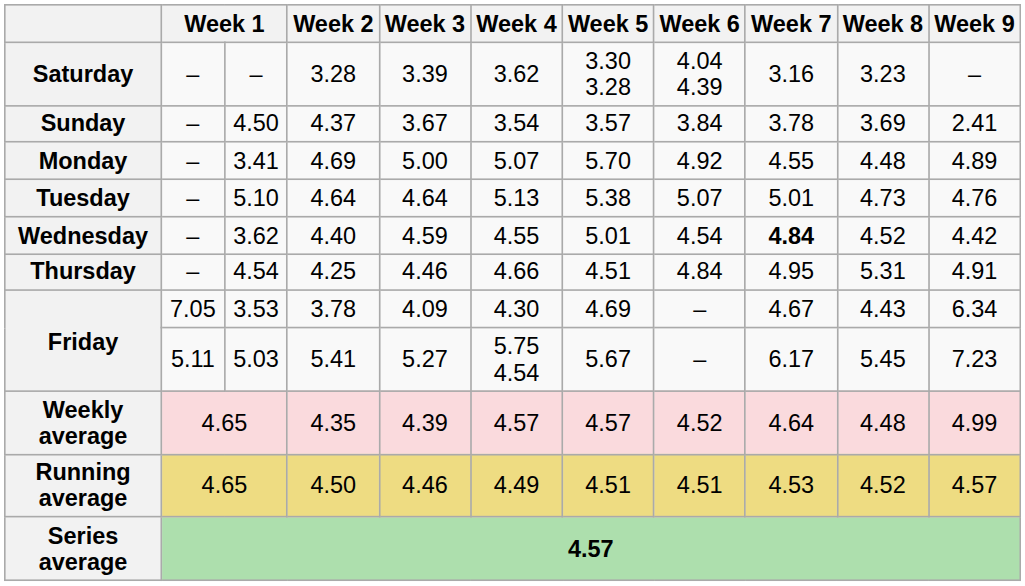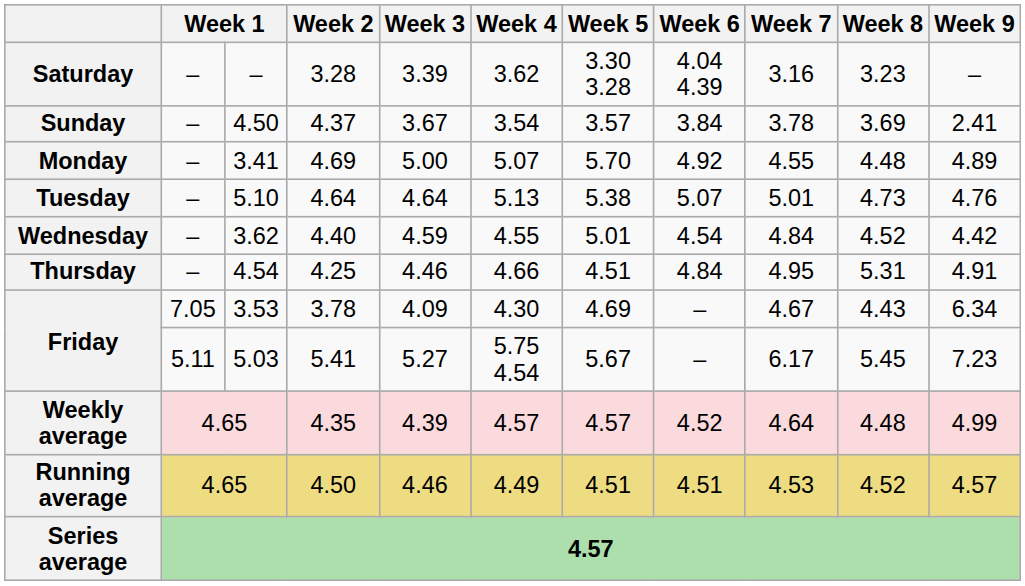 <table class="wikitable" style="font-size:90%; text-align:center; width: 100%; margin-left: auto; margin-right: auto;">
 <tr>
 <th scope="col" style="width:12%;"></th>
 <th scope="colgroup" colspan=2 style="width:10%;">Week 1</th>
 <th scope="col" style="width:8%;">Week 2</th>
 <th scope="col" style="width:8%;">Week 3</th>
 <th scope="col" style="width:8%;">Week 4</th>
 <th scope="col" style="width:8%;">Week 5</th>
 <th scope="col" style="width:8%;">Week 6</th>
 <th scope="col" style="width:8%;">Week 7</th>
 <th scope="col" style="width:8%;">Week 8</th>
 <th scope="col" style="width:8%;">Week 9</th>
 </tr>
 <tr>
 <th scope="row">Saturday</th>
 <td style="width:5%;">–</td>
 <td style="width:5%;">–</td>
 <td>3.28</td>
 <td>3.39</td>
 <td>3.62</td>
 <td>3.30<br>3.28</td>
 <td>4.04<br>4.39</td>
 <td>3.16</td>
 <td>3.23</td>
 <td>–</td>
 </tr>
 <tr>
 <th scope="row">Sunday</th>
 <td>–</td>
 <td>4.50</td>
 <td>4.37</td>
 <td>3.67</td>
 <td>3.54</td>
 <td>3.57</td>
 <td>3.84</td>
 <td>3.78</td>
 <td>3.69</td>
 <td>2.41</td>
 </tr>
 <tr>
 <th scope="row">Monday</th>
 <td>–</td>
 <td>3.41</td>
 <td>4.69</td>
 <td>5.00</td>
 <td>5.07</td>
 <td>5.70</td>
 <td>4.92</td>
 <td>4.55</td>
 <td>4.48</td>
 <td>4.89</td>
 </tr>
 <tr>
 <th scope="row">Tuesday</th>
 <td>–</td>
 <td>5.10</td>
 <td>4.64</td>
 <td>4.64</td>
 <td>5.13</td>
 <td>5.38</td>
 <td>5.07</td>
 <td>5.01</td>
 <td>4.73</td>
 <td>4.76</td>
 </tr>
 <tr>
 <th scope="row">Wednesday</th>
 <td>–</td>
 <td>3.62</td>
 <td>4.40</td>
 <td>4.59</td>
 <td>4.55</td>
 <td>5.01</td>
 <td>4.54</td>
-<td><strong>4.84</strong></td>
+<td>4.84</td>
 <td>4.52</td>
 <td>4.42</td>
 </tr>
 <tr>
 <th scope="row">Thursday</th>
 <td>–</td>
 <td>4.54</td>
 <td>4.25</td>
 <td>4.46</td>
 <td>4.66</td>
 <td>4.51</td>
 <td>4.84</td>
 <td>4.95</td>
 <td>5.31</td>
 <td>4.91</td>
 </tr>
 <tr>
 <th scope="rowgroup" rowspan=2>Friday</th>
 <td>7.05</td>
 <td>3.53</td>
 <td>3.78</td>
 <td>4.09</td>
 <td>4.30</td>
 <td>4.69</td>
 <td>–</td>
 <td>4.67</td>
 <td>4.43</td>
 <td>6.34</td>
 </tr>
 <tr>
 <td>5.11</td>
 <td>5.03</td>
 <td>5.41</td>
 <td>5.27</td>
 <td>5.75<br>4.54</td>
 <td>5.67</td>
 <td>–</td>
 <td>6.17</td>
 <td>5.45</td>
 <td>7.23</td>
 </tr>
 <tr>
 <th scope="row">Weekly<br>average</th>
 <td colspan="2" style="background:#FADADD;">4.65</td>
 <td style="background:#FADADD;">4.35</td>
 <td style="background:#FADADD;">4.39</td>
 <td style="background:#FADADD;">4.57</td>
 <td style="background:#FADADD;">4.57</td>
 <td style="background:#FADADD;">4.52</td>
 <td style="background:#FADADD;">4.64</td>
 <td style="background:#FADADD;">4.48</td>
 <td style="background:#FADADD;">4.99</td>
 </tr>
 <tr>
 <th scope="row">Running<br>average</th>
 <td colspan="2" style="background:#EEDC82;">4.65</td>
 <td style="background:#EEDC82;">4.50</td>
 <td style="background:#EEDC82;">4.46</td>
 <td style="background:#EEDC82;">4.49</td>
 <td style="background:#EEDC82;">4.51</td>
 <td style="background:#EEDC82;">4.51</td>
 <td style="background:#EEDC82;">4.53</td>
 <td style="background:#EEDC82;">4.52</td>
 <td style="background:#EEDC82;">4.57</td>
 </tr>
 <tr>
 <th scope="row">Series<br>average</th>
 <td colspan="10" style="background:#ADDFAD;"><strong>4.57</strong></td>
 </tr>
 </table>
